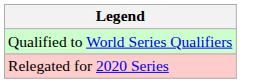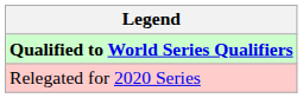 <table class="wikitable">
 <tr>
 <th>Legend</th>
 </tr>
 <tr bgcolor=ccffcc>
-<td>Qualified to <a href='#'>World Series Qualifiers</a></td>
+<td><strong>Qualified to <a href='#'>World Series Qualifiers</a></strong></td>
 </tr>
 <tr bgcolor=ffcccc>
 <td>Relegated for <a href='#'>2020 Series</a></td>
 </tr>
 </table>
